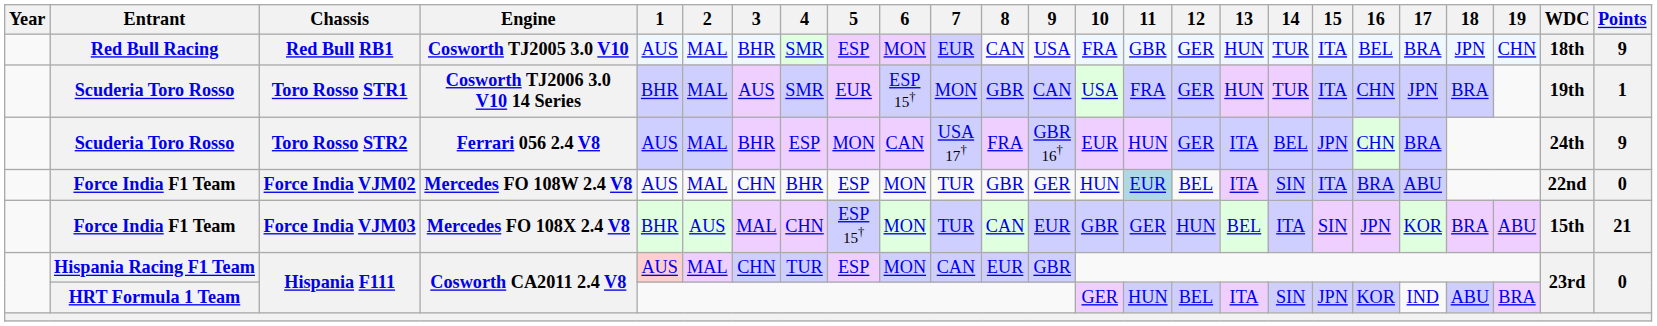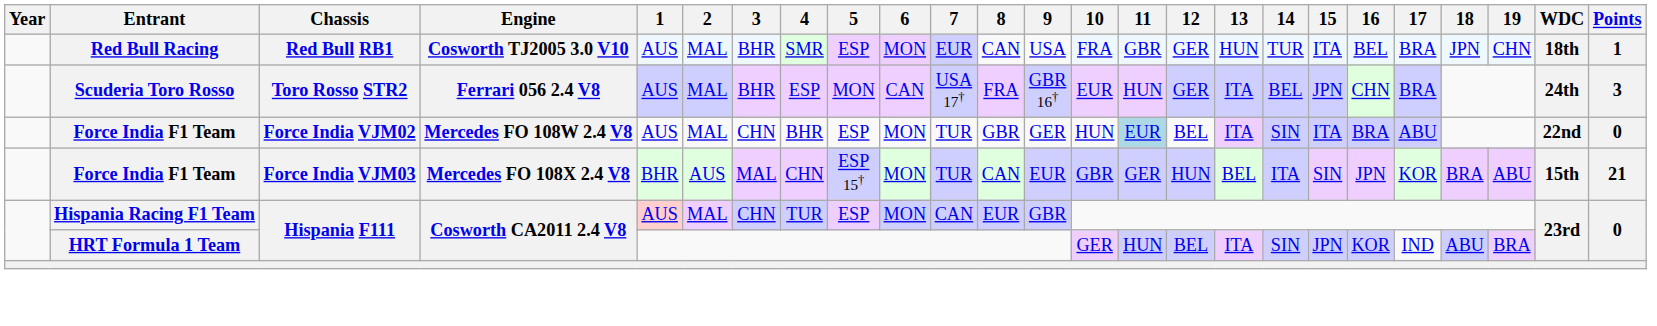 <table class="wikitable" style="font-size: 85%; text-align: center">
 <tr>
 <th>Year</th>
 <th>Entrant</th>
 <th>Chassis</th>
 <th>Engine</th>
 <th>1</th>
 <th>2</th>
 <th>3</th>
 <th>4</th>
 <th>5</th>
 <th>6</th>
 <th>7</th>
 <th>8</th>
 <th>9</th>
 <th>10</th>
 <th>11</th>
 <th>12</th>
 <th>13</th>
 <th>14</th>
 <th>15</th>
 <th>16</th>
 <th>17</th>
 <th>18</th>
 <th>19</th>
 <th>WDC</th>
 <th><a href='#'>Points</a></th>
 </tr>
 <tr>
 <td></td>
 <th nowrap><a href='#'>Red Bull Racing</a></th>
 <th nowrap><a href='#'>Red Bull</a> <a href='#'>RB1</a></th>
 <th nowrap><a href='#'>Cosworth</a> TJ2005 3.0 <a href='#'>V10</a></th>
 <td style="background:#F0F8FF;"><a href='#'>AUS</a><br></td>
 <td style="background:#F0F8FF;"><a href='#'>MAL</a><br></td>
 <td style="background:#F0F8FF;"><a href='#'>BHR</a><br></td>
 <td style="background:#DFFFDF;"><a href='#'>SMR</a><br></td>
 <td style="background:#EFCFFF;"><a href='#'>ESP</a><br></td>
 <td style="background:#EFCFFF;"><a href='#'>MON</a><br></td>
 <td style="background:#CFCFFF;"><a href='#'>EUR</a><br></td>
 <td><a href='#'>CAN</a></td>
 <td><a href='#'>USA</a></td>
 <td style="background:#F0F8FF;"><a href='#'>FRA</a><br></td>
 <td style="background:#F0F8FF;"><a href='#'>GBR</a><br></td>
 <td style="background:#F0F8FF;"><a href='#'>GER</a><br></td>
 <td style="background:#F0F8FF;"><a href='#'>HUN</a><br></td>
 <td style="background:#F0F8FF;"><a href='#'>TUR</a><br></td>
 <td style="background:#F0F8FF;"><a href='#'>ITA</a><br></td>
 <td style="background:#F0F8FF;"><a href='#'>BEL</a><br></td>
 <td style="background:#F0F8FF;"><a href='#'>BRA</a><br></td>
 <td style="background:#F0F8FF;"><a href='#'>JPN</a><br></td>
 <td style="background:#F0F8FF;"><a href='#'>CHN</a><br></td>
 <th>18th</th>
-<th>9</th>
-</tr>
-<tr>
-<td></td>
-<th nowrap><a href='#'>Scuderia Toro Rosso</a></th>
-<th nowrap><a href='#'>Toro Rosso</a> <a href='#'>STR1</a></th>
-<th nowrap><a href='#'>Cosworth</a> TJ2006 3.0<br><a href='#'>V10</a> 14 Series</th>
-<td style="background:#CFCFFF;"><a href='#'>BHR</a><br></td>
-<td style="background:#CFCFFF;"><a href='#'>MAL</a><br></td>
-<td style="background:#EFCFFF;"><a href='#'>AUS</a><br></td>
-<td style="background:#CFCFFF;"><a href='#'>SMR</a><br></td>
-<td style="background:#EFCFFF;"><a href='#'>EUR</a><br></td>
-<td style="background:#CFCFFF;"><a href='#'>ESP</a><br><small>15<sup>†</sup></small></td>
-<td style="background:#CFCFFF;"><a href='#'>MON</a><br></td>
-<td style="background:#CFCFFF;"><a href='#'>GBR</a><br></td>
-<td style="background:#CFCFFF;"><a href='#'>CAN</a><br></td>
-<td style="background:#DFFFDF;"><a href='#'>USA</a><br></td>
-<td style="background:#CFCFFF;"><a href='#'>FRA</a><br></td>
-<td style="background:#CFCFFF;"><a href='#'>GER</a><br></td>
-<td style="background:#EFCFFF;"><a href='#'>HUN</a><br></td>
-<td style="background:#EFCFFF;"><a href='#'>TUR</a><br></td>
-<td style="background:#CFCFFF;"><a href='#'>ITA</a><br></td>
-<td style="background:#CFCFFF;"><a href='#'>CHN</a><br></td>
-<td style="background:#CFCFFF;"><a href='#'>JPN</a><br></td>
-<td style="background:#CFCFFF;"><a href='#'>BRA</a><br></td>
-<td></td>
-<th>19th</th>
 <th>1</th>
 </tr>
 <tr>
 <td></td>
 <th nowrap><a href='#'>Scuderia Toro Rosso</a></th>
 <th nowrap><a href='#'>Toro Rosso</a> <a href='#'>STR2</a></th>
 <th nowrap><a href='#'>Ferrari</a> 056 2.4 <a href='#'>V8</a></th>
 <td style="background:#CFCFFF;"><a href='#'>AUS</a><br></td>
 <td style="background:#CFCFFF;"><a href='#'>MAL</a><br></td>
 <td style="background:#EFCFFF;"><a href='#'>BHR</a><br></td>
 <td style="background:#EFCFFF;"><a href='#'>ESP</a><br></td>
 <td style="background:#EFCFFF;"><a href='#'>MON</a><br></td>
 <td style="background:#EFCFFF;"><a href='#'>CAN</a><br></td>
 <td style="background:#CFCFFF;"><a href='#'>USA</a><br><small>17<sup>†</sup></small></td>
 <td style="background:#EFCFFF;"><a href='#'>FRA</a><br></td>
 <td style="background:#CFCFFF;"><a href='#'>GBR</a><br><small>16<sup>†</sup></small></td>
 <td style="background:#EFCFFF;"><a href='#'>EUR</a><br></td>
 <td style="background:#EFCFFF;"><a href='#'>HUN</a><br></td>
 <td style="background:#CFCFFF;"><a href='#'>GER</a><br></td>
 <td style="background:#CFCFFF;"><a href='#'>ITA</a><br></td>
 <td style="background:#CFCFFF;"><a href='#'>BEL</a><br></td>
 <td style="background:#CFCFFF;"><a href='#'>JPN</a><br></td>
 <td style="background:#DFFFDF;"><a href='#'>CHN</a><br></td>
 <td style="background:#CFCFFF;"><a href='#'>BRA</a><br></td>
 <td colspan=2></td>
 <th>24th</th>
-<th>9</th>
+<th>3</th>
 </tr>
 <tr>
 <td></td>
 <th nowrap><a href='#'>Force India</a> F1 Team</th>
 <th nowrap><a href='#'>Force India</a> <a href='#'>VJM02</a></th>
 <th nowrap><a href='#'>Mercedes</a> FO 108W 2.4 <a href='#'>V8</a></th>
 <td><a href='#'>AUS</a></td>
 <td><a href='#'>MAL</a></td>
 <td><a href='#'>CHN</a></td>
 <td><a href='#'>BHR</a></td>
 <td><a href='#'>ESP</a></td>
 <td><a href='#'>MON</a></td>
 <td><a href='#'>TUR</a></td>
 <td><a href='#'>GBR</a></td>
 <td><a href='#'>GER</a></td>
 <td><a href='#'>HUN</a></td>
 <td style="background: lightblue;"><a href='#'>EUR</a></td>
 <td><a href='#'>BEL</a></td>
 <td style="background:#EFCFFF;"><a href='#'>ITA</a><br></td>
 <td style="background:#CFCFFF;"><a href='#'>SIN</a><br></td>
 <td style="background:#CFCFFF;"><a href='#'>ITA</a><br></td>
 <td style="background:#CFCFFF;"><a href='#'>BRA</a><br></td>
 <td style="background:#CFCFFF;"><a href='#'>ABU</a><br></td>
 <td colspan=2></td>
 <th>22nd</th>
 <th>0</th>
 </tr>
 <tr>
 <td></td>
 <th nowrap><a href='#'>Force India</a> F1 Team</th>
 <th nowrap><a href='#'>Force India</a> <a href='#'>VJM03</a></th>
 <th nowrap><a href='#'>Mercedes</a> FO 108X 2.4 <a href='#'>V8</a></th>
 <td style="background:#DFFFDF;"><a href='#'>BHR</a><br></td>
 <td style="background:#DFFFDF;"><a href='#'>AUS</a><br></td>
 <td style="background:#EFCFFF;"><a href='#'>MAL</a><br></td>
 <td style="background:#EFCFFF;"><a href='#'>CHN</a><br></td>
 <td style="background:#CFCFFF;"><a href='#'>ESP</a><br><small>15<sup>†</sup></small></td>
 <td style="background:#DFFFDF;"><a href='#'>MON</a><br></td>
 <td style="background:#CFCFFF;"><a href='#'>TUR</a><br></td>
 <td style="background:#DFFFDF;"><a href='#'>CAN</a><br></td>
 <td style="background:#CFCFFF;"><a href='#'>EUR</a><br></td>
 <td style="background:#CFCFFF;"><a href='#'>GBR</a><br></td>
 <td style="background:#CFCFFF;"><a href='#'>GER</a><br></td>
 <td style="background:#CFCFFF;"><a href='#'>HUN</a><br></td>
 <td style="background:#DFFFDF;"><a href='#'>BEL</a><br></td>
 <td style="background:#CFCFFF;"><a href='#'>ITA</a><br></td>
 <td style="background:#EFCFFF;"><a href='#'>SIN</a><br></td>
 <td style="background:#EFCFFF;"><a href='#'>JPN</a><br></td>
 <td style="background:#DFFFDF;"><a href='#'>KOR</a><br></td>
 <td style="background:#EFCFFF;"><a href='#'>BRA</a><br></td>
 <td style="background:#EFCFFF;"><a href='#'>ABU</a><br></td>
 <th>15th</th>
 <th>21</th>
 </tr>
 <tr>
 <td rowspan=2></td>
 <th nowrap><a href='#'>Hispania Racing F1 Team</a></th>
 <th rowspan=2 nowrap><a href='#'>Hispania</a> <a href='#'>F111</a></th>
 <th rowspan=2 nowrap><a href='#'>Cosworth</a> CA2011 2.4 <a href='#'>V8</a></th>
 <td style="background:#FFCFCF;"><a href='#'>AUS</a><br></td>
 <td style="background:#EFCFFF;"><a href='#'>MAL</a><br></td>
 <td style="background:#CFCFFF;"><a href='#'>CHN</a><br></td>
 <td style="background:#CFCFFF;"><a href='#'>TUR</a><br></td>
 <td style="background:#EFCFFF;"><a href='#'>ESP</a><br></td>
 <td style="background:#CFCFFF;"><a href='#'>MON</a><br></td>
 <td style="background:#CFCFFF;"><a href='#'>CAN</a><br></td>
 <td style="background:#CFCFFF;"><a href='#'>EUR</a><br></td>
 <td style="background:#CFCFFF;"><a href='#'>GBR</a><br></td>
 <td colspan=10></td>
 <th rowspan=2>23rd</th>
 <th rowspan=2>0</th>
 </tr>
 <tr>
 <th nowrap><a href='#'>HRT Formula 1 Team</a></th>
 <td colspan=9></td>
 <td style="background:#EFCFFF;"><a href='#'>GER</a><br></td>
 <td style="background:#CFCFFF;"><a href='#'>HUN</a><br></td>
 <td style="background:#CFCFFF;"><a href='#'>BEL</a><br></td>
 <td style="background:#EFCFFF;"><a href='#'>ITA</a><br></td>
 <td style="background:#CFCFFF;"><a href='#'>SIN</a><br></td>
 <td style="background:#CFCFFF;"><a href='#'>JPN</a><br></td>
 <td style="background:#CFCFFF;"><a href='#'>KOR</a><br></td>
 <td><a href='#'>IND</a></td>
 <td style="background:#CFCFFF;"><a href='#'>ABU</a><br></td>
 <td style="background:#EFCFFF;"><a href='#'>BRA</a><br></td>
 </tr>
 <tr>
 <th colspan="25"></th>
 </tr>
 </table>
